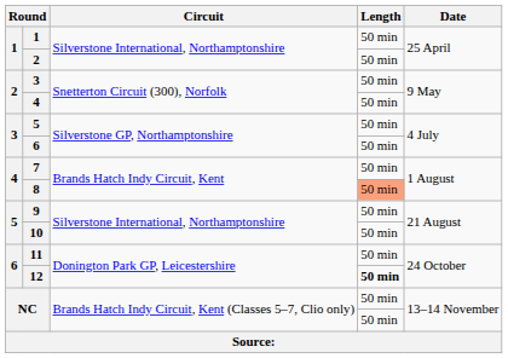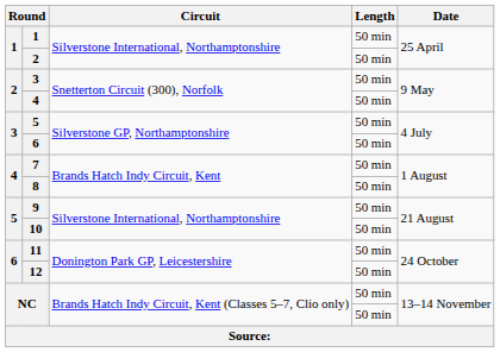 <table class="wikitable" style="font-size: 85%;">
 <tr>
 <th colspan=2>Round</th>
 <th>Circuit</th>
 <th>Length</th>
 <th>Date</th>
 </tr>
 <tr>
 <th rowspan=2>1</th>
 <th>1</th>
 <td rowspan=2><a href='#'>Silverstone International</a>, <a href='#'>Northamptonshire</a></td>
 <td>50 min</td>
 <td rowspan=2>25 April</td>
 </tr>
 <tr>
 <th>2</th>
 <td>50 min</td>
 </tr>
 <tr>
 <th rowspan=2>2</th>
 <th>3</th>
 <td rowspan=2><a href='#'>Snetterton Circuit</a> (300), <a href='#'>Norfolk</a></td>
 <td>50 min</td>
 <td rowspan=2>9 May</td>
 </tr>
 <tr>
 <th>4</th>
 <td>50 min</td>
 </tr>
 <tr>
 <th rowspan=2>3</th>
 <th>5</th>
 <td rowspan=2><a href='#'>Silverstone GP</a>, <a href='#'>Northamptonshire</a></td>
 <td>50 min</td>
 <td rowspan=2>4 July</td>
 </tr>
 <tr>
 <th>6</th>
 <td>50 min</td>
 </tr>
 <tr>
 <th rowspan=2>4</th>
 <th>7</th>
 <td rowspan=2><a href='#'>Brands Hatch Indy Circuit</a>, <a href='#'>Kent</a></td>
 <td>50 min</td>
 <td rowspan=2>1 August</td>
 </tr>
 <tr>
 <th>8</th>
-<td style="background: lightsalmon;">50 min</td>
+<td>50 min</td>
 </tr>
 <tr>
 <th rowspan=2>5</th>
 <th>9</th>
 <td rowspan=2><a href='#'>Silverstone International</a>, <a href='#'>Northamptonshire</a></td>
 <td>50 min</td>
 <td rowspan=2>21 August</td>
 </tr>
 <tr>
 <th>10</th>
 <td>50 min</td>
 </tr>
 <tr>
 <th rowspan=2>6</th>
 <th>11</th>
 <td rowspan=2><a href='#'>Donington Park GP</a>, <a href='#'>Leicestershire</a></td>
 <td>50 min</td>
 <td rowspan=2>24 October</td>
 </tr>
 <tr>
 <th>12</th>
-<td><strong>50 min</strong></td>
+<td>50 min</td>
 </tr>
 <tr>
 <th colspan=2 rowspan=2>NC</th>
 <td rowspan=2><a href='#'>Brands Hatch Indy Circuit</a>, <a href='#'>Kent</a> (Classes 5–7, Clio only)</td>
 <td>50 min</td>
 <td rowspan=2>13–14 November</td>
 </tr>
 <tr>
 <td>50 min</td>
 </tr>
 <tr>
 <th colspan=5>Source:</th>
 </tr>
 </table>
